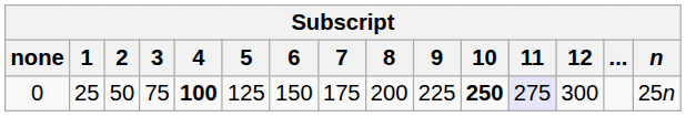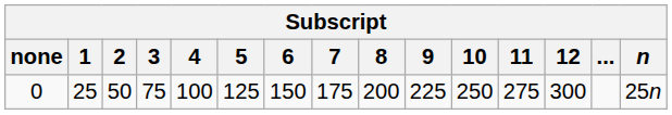 <table class="wikitable" style="margin: 22px auto 10px auto; text-align: center;">
 <tr>
 <th colspan=15>Subscript</th>
 </tr>
 <tr>
 <th>none</th>
 <th>1</th>
 <th>2</th>
 <th>3</th>
 <th>4</th>
 <th>5</th>
 <th>6</th>
 <th>7</th>
 <th>8</th>
 <th>9</th>
 <th>10</th>
 <th>11</th>
 <th>12</th>
 <th>...</th>
 <th><em>n</em></th>
 </tr>
 <tr>
 <td>0</td>
 <td>25</td>
 <td>50</td>
 <td>75</td>
-<td><strong>100</strong></td>
+<td>100</td>
 <td>125</td>
 <td>150</td>
 <td>175</td>
 <td>200</td>
 <td>225</td>
-<td><strong>250</strong></td>
-<td style="background: lavender;">275</td>
+<td>250</td>
+<td>275</td>
 <td>300</td>
 <td></td>
 <td>25<em>n</em></td>
 </tr>
 </table>
